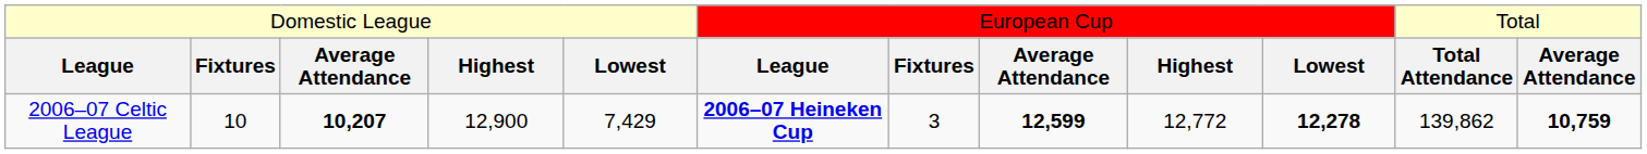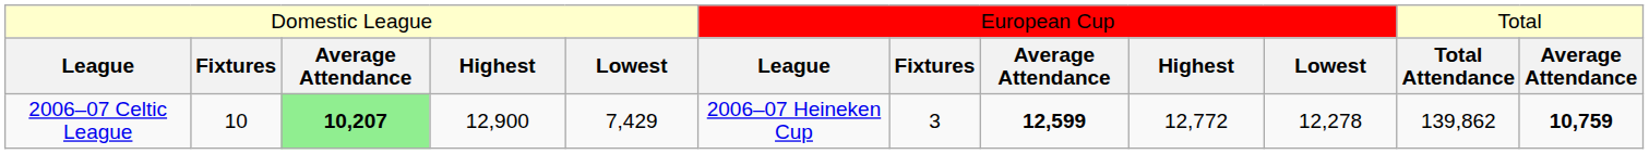 <table class="wikitable sortable" style="font-size:90%; width:90%;">
 <tr>
 <td colspan="5" class="wikitable sortable" style="width:45%; background:#ffffcc; text-align:center;"><span>Domestic League</span></td>
 <td colspan="5" class="wikitable sortable" style="width:45%; background:#f00; text-align:center;"><span>European Cup</span></td>
 <td colspan="2" class="wikitable sortable" style="width:45%; background:#ffffcc; text-align:center;"><span>Total</span></td>
 </tr>
 <tr>
 <th style="width:15%;">League</th>
 <th style="width:5%;">Fixtures</th>
 <th style="width:10%;">Average Attendance</th>
 <th style="width:10%;">Highest</th>
 <th style="width:10%;">Lowest</th>
 <th style="width:15%;">League</th>
 <th style="width:5%;">Fixtures</th>
 <th style="width:10%;">Average Attendance</th>
 <th style="width:10%;">Highest</th>
 <th style="width:10%;">Lowest</th>
 <th style="width:10%;">Total Attendance</th>
 <th style="width:10%;">Average Attendance</th>
 </tr>
 <tr>
 <td align=center><a href='#'>2006–07 Celtic League</a></td>
 <td align=center>10</td>
-<td align=center><strong>10,207</strong></td>
+<td align=center style="background: lightgreen;"><strong>10,207</strong></td>
 <td align=center>12,900</td>
 <td align=center>7,429</td>
-<td align=center><strong><a href='#'>2006–07 Heineken Cup</a></strong></td>
+<td align=center><a href='#'>2006–07 Heineken Cup</a></td>
 <td align=center>3</td>
 <td align=center><strong>12,599</strong></td>
 <td align=center>12,772</td>
-<td align=center><strong>12,278</strong></td>
+<td align=center>12,278</td>
 <td align=center>139,862</td>
 <td align=center><strong>10,759</strong></td>
 </tr>
 </table>
